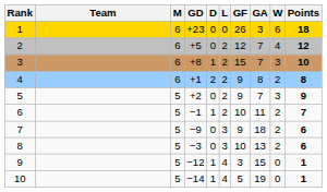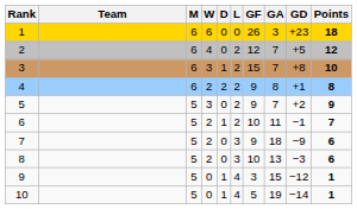 <table class="wikitable sortable" style="text-align:center">
 <tr>
 <th>Rank</th>
 <th width=200>Team</th>
 <th>M</th>
-<th>GD</th>
+<th>W</th>
 <th>D</th>
 <th>L</th>
 <th>GF</th>
 <th>GA</th>
-<th>W</th>
+<th>GD</th>
 <th>Points</th>
 </tr>
 <tr bgcolor=gold>
 <td>1</td>
 <td align=left></td>
 <td>6</td>
-<td>+23</td>
+<td>6</td>
 <td>0</td>
 <td>0</td>
 <td>26</td>
 <td>3</td>
-<td>6</td>
+<td>+23</td>
 <td><strong>18</strong></td>
 </tr>
 <tr bgcolor=silver>
 <td>2</td>
 <td align=left></td>
 <td>6</td>
-<td>+5</td>
+<td>4</td>
 <td>0</td>
 <td>2</td>
 <td>12</td>
 <td>7</td>
-<td>4</td>
+<td>+5</td>
 <td><strong>12</strong></td>
 </tr>
 <tr bgcolor=#cc9966>
 <td>3</td>
 <td align=left></td>
 <td>6</td>
-<td>+8</td>
+<td>3</td>
 <td>1</td>
 <td>2</td>
 <td>15</td>
 <td>7</td>
-<td>3</td>
+<td>+8</td>
 <td><strong>10</strong></td>
 </tr>
 <tr bgcolor=#9acdff>
 <td>4</td>
 <td align=left></td>
 <td>6</td>
-<td>+1</td>
+<td>2</td>
 <td>2</td>
 <td>2</td>
 <td>9</td>
 <td>8</td>
-<td>2</td>
+<td>+1</td>
 <td><strong>8</strong></td>
 </tr>
 <tr>
 <td>5</td>
 <td align=left></td>
 <td>5</td>
-<td>+2</td>
+<td>3</td>
 <td>0</td>
 <td>2</td>
 <td>9</td>
 <td>7</td>
-<td>3</td>
+<td>+2</td>
 <td><strong>9</strong></td>
 </tr>
 <tr>
 <td>6</td>
 <td align=left></td>
 <td>5</td>
-<td>−1</td>
+<td>2</td>
 <td>1</td>
 <td>2</td>
 <td>10</td>
 <td>11</td>
-<td>2</td>
+<td>−1</td>
 <td><strong>7</strong></td>
 </tr>
 <tr>
 <td>7</td>
 <td align=left></td>
 <td>5</td>
-<td>−9</td>
+<td>2</td>
 <td>0</td>
 <td>3</td>
 <td>9</td>
 <td>18</td>
-<td>2</td>
+<td>−9</td>
 <td><strong>6</strong></td>
 </tr>
 <tr>
 <td>8</td>
 <td align=left></td>
 <td>5</td>
-<td>−3</td>
+<td>2</td>
 <td>0</td>
 <td>3</td>
 <td>10</td>
 <td>13</td>
-<td>2</td>
+<td>−3</td>
 <td><strong>6</strong></td>
 </tr>
 <tr>
 <td>9</td>
 <td align=left></td>
 <td>5</td>
-<td>−12</td>
+<td>0</td>
 <td>1</td>
 <td>4</td>
 <td>3</td>
 <td>15</td>
-<td>0</td>
+<td>−12</td>
 <td><strong>1</strong></td>
 </tr>
 <tr>
 <td>10</td>
 <td align=left></td>
 <td>5</td>
-<td>−14</td>
+<td>0</td>
 <td>1</td>
 <td>4</td>
 <td>5</td>
 <td>19</td>
-<td>0</td>
+<td>−14</td>
 <td><strong>1</strong></td>
 </tr>
 </table>
